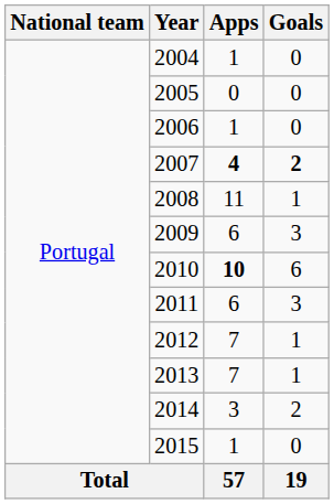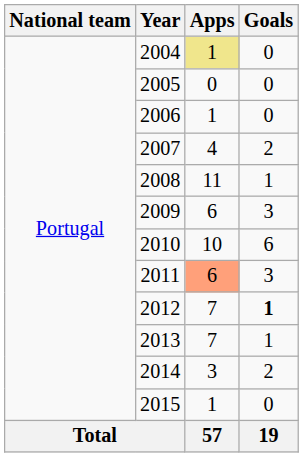 <table class="wikitable" style="text-align:center">
 <tr>
 <th>National team</th>
 <th>Year</th>
 <th>Apps</th>
 <th>Goals</th>
 </tr>
 <tr>
 <td rowspan="12"><a href='#'>Portugal</a></td>
 <td>2004</td>
-<td>1</td>
+<td style="background: khaki;">1</td>
 <td>0</td>
 </tr>
 <tr>
 <td>2005</td>
 <td>0</td>
 <td>0</td>
 </tr>
 <tr>
 <td>2006</td>
 <td>1</td>
 <td>0</td>
 </tr>
 <tr>
 <td>2007</td>
-<td><strong>4</strong></td>
-<td><strong>2</strong></td>
+<td>4</td>
+<td>2</td>
 </tr>
 <tr>
 <td>2008</td>
 <td>11</td>
 <td>1</td>
 </tr>
 <tr>
 <td>2009</td>
 <td>6</td>
 <td>3</td>
 </tr>
 <tr>
 <td>2010</td>
-<td><strong>10</strong></td>
+<td>10</td>
 <td>6</td>
 </tr>
 <tr>
 <td>2011</td>
-<td>6</td>
+<td style="background: lightsalmon;">6</td>
 <td>3</td>
 </tr>
 <tr>
 <td>2012</td>
 <td>7</td>
-<td>1</td>
+<td><strong>1</strong></td>
 </tr>
 <tr>
 <td>2013</td>
 <td>7</td>
 <td>1</td>
 </tr>
 <tr>
 <td>2014</td>
 <td>3</td>
 <td>2</td>
 </tr>
 <tr>
 <td>2015</td>
 <td>1</td>
 <td>0</td>
 </tr>
 <tr>
 <th colspan="2">Total</th>
 <th>57</th>
 <th>19</th>
 </tr>
 </table>
